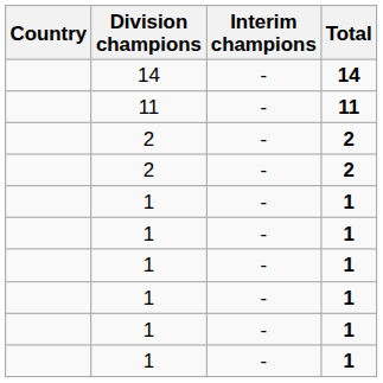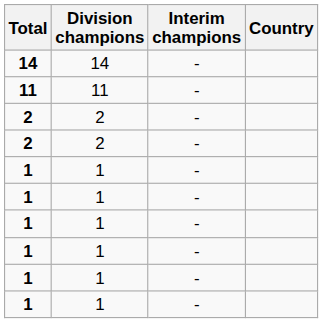 <table class="wikitable sortable mw-collapsible" style="font-size:95%; align=center">
 <tr>
-<th>Country</th>
+<th>Total</th>
 <th>Division<br>champions</th>
 <th>Interim<br>champions</th>
-<th>Total</th>
+<th>Country</th>
 </tr>
 <tr>
-<td align=left></td>
+<td align=center><strong>14</strong></td>
 <td align=center>14</td>
 <td align=center>-</td>
-<td align=center><strong>14</strong></td>
+<td align=left></td>
 </tr>
 <tr>
-<td align=left></td>
+<td align=center><strong>11</strong></td>
 <td align=center>11</td>
 <td align=center>-</td>
-<td align=center><strong>11</strong></td>
+<td align=left></td>
 </tr>
 <tr>
-<td align="left"></td>
+<td align="center"><strong>2</strong></td>
 <td align="center">2</td>
 <td align="center">-</td>
-<td align="center"><strong>2</strong></td>
+<td align="left"></td>
 </tr>
 <tr>
-<td align=left></td>
+<td align=center><strong>2</strong></td>
 <td align=center>2</td>
 <td align=center>-</td>
-<td align=center><strong>2</strong></td>
+<td align=left></td>
 </tr>
 <tr>
-<td align=left></td>
+<td align=center><strong>1</strong></td>
 <td align=center>1</td>
 <td align=center>-</td>
-<td align=center><strong>1</strong></td>
+<td align=left></td>
 </tr>
 <tr>
-<td align="left"></td>
+<td align="center"><strong>1</strong></td>
 <td align="center">1</td>
 <td align="center">-</td>
-<td align="center"><strong>1</strong></td>
+<td align="left"></td>
 </tr>
 <tr>
-<td align="left"></td>
+<td align="center"><strong>1</strong></td>
 <td align="center">1</td>
 <td align="center">-</td>
-<td align="center"><strong>1</strong></td>
+<td align="left"></td>
 </tr>
 <tr>
-<td align="left"></td>
+<td align="center"><strong>1</strong></td>
 <td align="center">1</td>
 <td align="center">-</td>
-<td align="center"><strong>1</strong></td>
+<td align="left"></td>
 </tr>
 <tr>
-<td align="left"></td>
+<td align="center"><strong>1</strong></td>
 <td align="center">1</td>
 <td align="center">-</td>
-<td align="center"><strong>1</strong></td>
+<td align="left"></td>
 </tr>
 <tr>
-<td align="left"></td>
+<td align="center"><strong>1</strong></td>
 <td align="center">1</td>
 <td align="center">-</td>
-<td align="center"><strong>1</strong></td>
+<td align="left"></td>
 </tr>
 </table>
